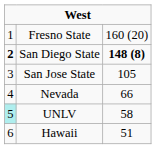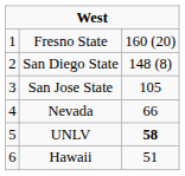 <table class="wikitable" style="display: inline-table">
 <tr align="center">
 <td align="center" Colspan="3"><strong>West</strong><br></td>
 </tr>
 <tr align="center">
 <td>1</td>
 <td>Fresno State</td>
 <td>160 (20)</td>
 </tr>
 <tr align="center">
-<td><strong>2</strong></td>
+<td>2</td>
 <td>San Diego State</td>
-<td><strong>148 (8)</strong></td>
+<td>148 (8)</td>
 </tr>
 <tr align="center">
 <td>3</td>
 <td>San Jose State</td>
 <td>105</td>
 </tr>
 <tr align="center">
 <td>4</td>
 <td>Nevada</td>
 <td>66</td>
 </tr>
 <tr align="center">
-<td style="background: paleturquoise;">5</td>
+<td>5</td>
 <td>UNLV</td>
-<td>58</td>
+<td><strong>58</strong></td>
 </tr>
 <tr align="center">
 <td>6</td>
 <td>Hawaii</td>
 <td>51</td>
 </tr>
 </table>
